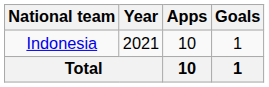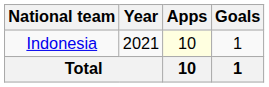 <table class="wikitable" style="text-align:center">
 <tr>
 <th>National team</th>
 <th>Year</th>
 <th>Apps</th>
 <th>Goals</th>
 </tr>
 <tr>
 <td><a href='#'>Indonesia</a></td>
 <td>2021</td>
-<td>10</td>
+<td style="background: lightyellow;">10</td>
 <td>1</td>
 </tr>
 <tr>
 <th colspan=2>Total</th>
 <th>10</th>
 <th>1</th>
 </tr>
 </table>
